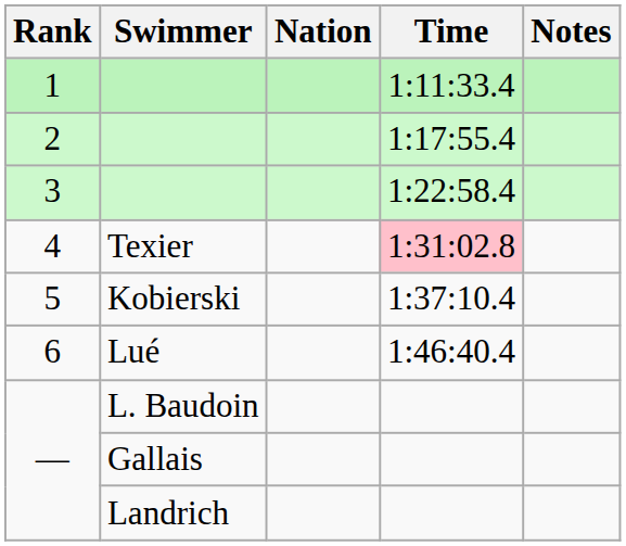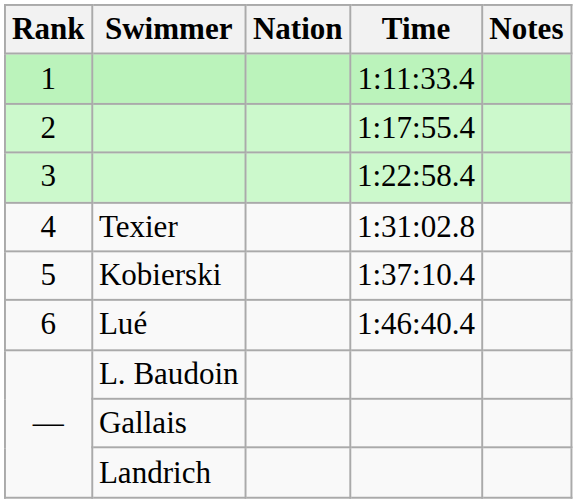 <table class="wikitable sortable" style="text-align:center">
 <tr>
 <th>Rank</th>
 <th>Swimmer</th>
 <th>Nation</th>
 <th>Time</th>
 <th>Notes</th>
 </tr>
 <tr style="background:#bbf3bb;">
 <td>1</td>
 <td align=left></td>
 <td align=left></td>
 <td>1:11:33.4</td>
 <td></td>
 </tr>
 <tr style="background:#ccf9cc;">
 <td>2</td>
 <td align=left></td>
 <td align=left></td>
 <td>1:17:55.4</td>
 <td></td>
 </tr>
 <tr style="background:#ccf9cc;">
 <td>3</td>
 <td align=left></td>
 <td align=left></td>
 <td>1:22:58.4</td>
 <td></td>
 </tr>
 <tr>
 <td>4</td>
 <td align=left>Texier</td>
 <td align=left></td>
-<td style="background: pink;">1:31:02.8</td>
+<td>1:31:02.8</td>
 <td></td>
 </tr>
 <tr>
 <td>5</td>
 <td align=left>Kobierski</td>
 <td align=left></td>
 <td>1:37:10.4</td>
 <td></td>
 </tr>
 <tr>
 <td>6</td>
 <td align=left>Lué</td>
 <td align=left></td>
 <td>1:46:40.4</td>
 <td></td>
 </tr>
 <tr>
 <td rowspan=3 data-sort-value=7>—</td>
 <td align=left>L. Baudoin</td>
 <td align=left></td>
 <td></td>
 <td></td>
 </tr>
 <tr>
 <td align=left>Gallais</td>
 <td align=left></td>
 <td></td>
 <td></td>
 </tr>
 <tr>
 <td align=left>Landrich</td>
 <td align=left></td>
 <td></td>
 <td></td>
 </tr>
 </table>
